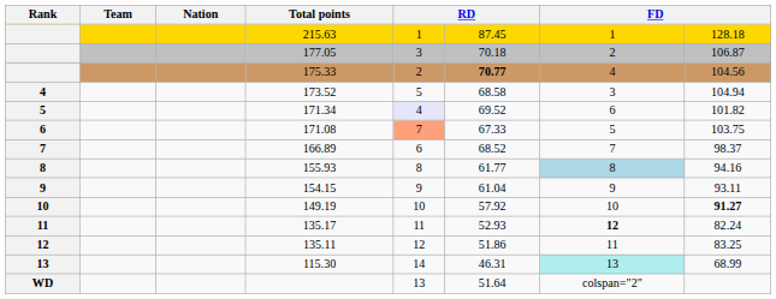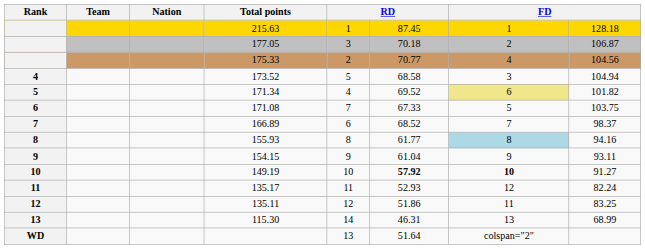 <table class="wikitable sortable" style="text-align:center;" width="80%">
 <tr>
 <th scope="col">Rank</th>
 <th scope="col">Team</th>
 <th scope="col">Nation</th>
 <th scope="col">Total points</th>
 <th scope="col" colspan="2" width="80px"><a href='#'>RD</a></th>
 <th scope="col" colspan="2" width="80px"><a href='#'>FD</a></th>
 </tr>
 <tr bgcolor="gold">
 <th scope="row"></th>
 <td align="left"></td>
 <td align="left"></td>
 <td>215.63</td>
 <td>1</td>
 <td>87.45</td>
 <td>1</td>
 <td>128.18</td>
 </tr>
 <tr bgcolor="silver">
 <th scope="row"></th>
 <td align="left"></td>
 <td align="left"></td>
 <td>177.05</td>
 <td>3</td>
 <td>70.18</td>
 <td>2</td>
 <td>106.87</td>
 </tr>
 <tr bgcolor="cc9966">
 <th scope="row"></th>
 <td align="left"></td>
 <td align="left"></td>
 <td>175.33</td>
 <td>2</td>
-<td><strong>70.77</strong></td>
+<td>70.77</td>
 <td>4</td>
 <td>104.56</td>
 </tr>
 <tr>
 <th scope="row">4</th>
 <td align="left"></td>
 <td align="left"></td>
 <td>173.52</td>
 <td>5</td>
 <td>68.58</td>
 <td>3</td>
 <td>104.94</td>
 </tr>
 <tr>
 <th scope="row">5</th>
 <td align="left"></td>
 <td align="left"></td>
 <td>171.34</td>
-<td style="background: lavender;">4</td>
+<td>4</td>
 <td>69.52</td>
-<td>6</td>
+<td style="background: khaki;">6</td>
 <td>101.82</td>
 </tr>
 <tr>
 <th scope="row">6</th>
 <td align="left"></td>
 <td align="left"></td>
 <td>171.08</td>
-<td style="background: lightsalmon;">7</td>
+<td>7</td>
 <td>67.33</td>
 <td>5</td>
 <td>103.75</td>
 </tr>
 <tr>
 <th scope="row">7</th>
 <td align="left"></td>
 <td align="left"></td>
 <td>166.89</td>
 <td>6</td>
 <td>68.52</td>
 <td>7</td>
 <td>98.37</td>
 </tr>
 <tr>
 <th scope="row">8</th>
 <td align="left"></td>
 <td align="left"></td>
 <td>155.93</td>
 <td>8</td>
 <td>61.77</td>
 <td style="background: lightblue;">8</td>
 <td>94.16</td>
 </tr>
 <tr>
 <th scope="row">9</th>
 <td align="left"></td>
 <td align="left"></td>
 <td>154.15</td>
 <td>9</td>
 <td>61.04</td>
 <td>9</td>
 <td>93.11</td>
 </tr>
 <tr>
 <th scope="row">10</th>
 <td align="left"></td>
 <td align="left"></td>
 <td>149.19</td>
 <td>10</td>
-<td>57.92</td>
-<td>10</td>
-<td><strong>91.27</strong></td>
+<td><strong>57.92</strong></td>
+<td><strong>10</strong></td>
+<td>91.27</td>
 </tr>
 <tr>
 <th scope="row">11</th>
 <td align="left"></td>
 <td align="left"></td>
 <td>135.17</td>
 <td>11</td>
 <td>52.93</td>
-<td><strong>12</strong></td>
+<td>12</td>
 <td>82.24</td>
 </tr>
 <tr>
 <th scope="row">12</th>
 <td align="left"></td>
 <td align="left"></td>
 <td>135.11</td>
 <td>12</td>
 <td>51.86</td>
 <td>11</td>
 <td>83.25</td>
 </tr>
 <tr>
 <th scope="row">13</th>
 <td align="left"></td>
 <td align="left"></td>
 <td>115.30</td>
 <td>14</td>
 <td>46.31</td>
-<td style="background: paleturquoise;">13</td>
+<td>13</td>
 <td>68.99</td>
 </tr>
 <tr>
 <th scope="row">WD</th>
 <td align="left"></td>
 <td align="left"></td>
 <td></td>
 <td>13</td>
 <td>51.64</td>
 <td>colspan="2" </td>
 </tr>
 </table>
